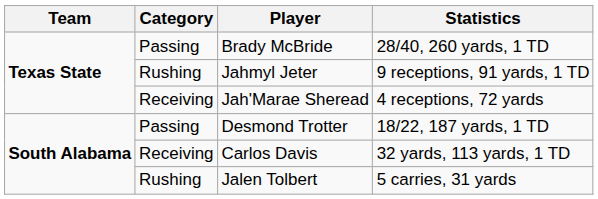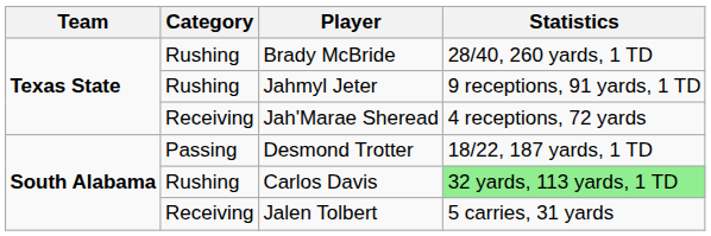 <table class="wikitable" style="float: left;">
 <tr>
 <th>Team</th>
 <th>Category</th>
 <th>Player</th>
 <th>Statistics</th>
 </tr>
 <tr>
 <td rowspan=3><strong>Texas State</strong></td>
-<td>Passing</td>
+<td>Rushing</td>
 <td>Brady McBride</td>
 <td>28/40, 260 yards, 1 TD</td>
 </tr>
 <tr>
 <td>Rushing</td>
 <td>Jahmyl Jeter</td>
 <td>9 receptions, 91 yards, 1 TD</td>
 </tr>
 <tr>
 <td>Receiving</td>
 <td>Jah'Marae Sheread</td>
 <td>4 receptions, 72 yards</td>
 </tr>
 <tr>
 <td rowspan=3><strong>South Alabama</strong></td>
 <td>Passing</td>
 <td>Desmond Trotter</td>
 <td>18/22, 187 yards, 1 TD</td>
 </tr>
 <tr>
-<td>Receiving</td>
+<td>Rushing</td>
 <td>Carlos Davis</td>
-<td>32 yards, 113 yards, 1 TD</td>
+<td style="background: lightgreen;">32 yards, 113 yards, 1 TD</td>
 </tr>
 <tr>
-<td>Rushing</td>
+<td>Receiving</td>
 <td>Jalen Tolbert</td>
 <td>5 carries, 31 yards</td>
 </tr>
 </table>
